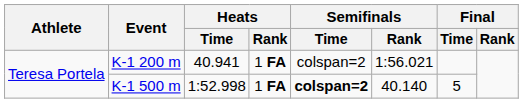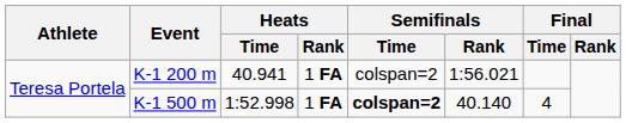 <table class=wikitable style="font-size:90%;">
 <tr>
 <th rowspan=2>Athlete</th>
 <th rowspan=2>Event</th>
 <th colspan=2>Heats</th>
 <th colspan=2>Semifinals</th>
 <th colspan=2>Final</th>
 </tr>
 <tr style="font-size:95%">
 <th>Time</th>
 <th>Rank</th>
 <th>Time</th>
 <th>Rank</th>
 <th>Time</th>
 <th>Rank</th>
 </tr>
 <tr align=center>
 <td align=left rowspan=2><a href='#'>Teresa Portela</a></td>
 <td align=left><a href='#'>K-1 200 m</a></td>
 <td>40.941</td>
 <td>1 <strong>FA</strong></td>
 <td>colspan=2 </td>
 <td>1:56.021</td>
 <td></td>
 </tr>
 <tr align=center>
 <td align=left><a href='#'>K-1 500 m</a></td>
 <td>1:52.998</td>
 <td>1 <strong>FA</strong></td>
 <td><strong>colspan=2 </strong></td>
 <td>40.140</td>
-<td>5</td>
+<td>4</td>
 </tr>
 </table>
